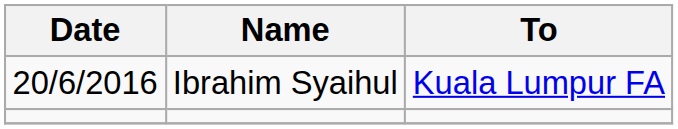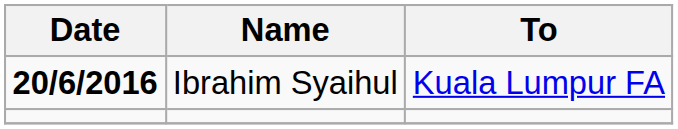 <table class="wikitable sortable">
 <tr>
 <th style="background:;">Date</th>
 <th style="background:;">Name</th>
 <th style="background:;">To</th>
 </tr>
 <tr>
-<td>20/6/2016</td>
+<td><strong>20/6/2016</strong></td>
 <td> Ibrahim Syaihul</td>
 <td> <a href='#'>Kuala Lumpur FA</a></td>
 </tr>
 <tr>
 <td></td>
 <td></td>
 <td></td>
 </tr>
 <tr>
 </tr>
 </table>
